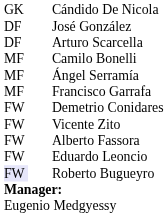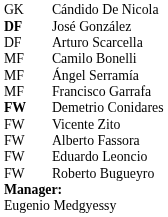 <table style="font-size:90%; margin:0.2em auto;" cellspacing="0" cellpadding="0">
 <tr>
 <th width="25"></th>
 <th width="25"></th>
 </tr>
 <tr>
 <td>GK</td>
 <td></td>
 <td> Cándido De Nicola</td>
 </tr>
 <tr>
-<td>DF</td>
+<td><strong>DF</strong></td>
 <td></td>
 <td> José González</td>
 </tr>
 <tr>
 <td>DF</td>
 <td></td>
 <td> Arturo Scarcella</td>
 </tr>
 <tr>
 <td>MF</td>
 <td></td>
 <td> Camilo Bonelli</td>
 </tr>
 <tr>
 <td>MF</td>
 <td></td>
 <td> Ángel Serramía</td>
 </tr>
 <tr>
 <td>MF</td>
 <td></td>
 <td> Francisco Garrafa</td>
 </tr>
 <tr>
-<td>FW</td>
+<td><strong>FW</strong></td>
 <td></td>
 <td> Demetrio Conidares</td>
 </tr>
 <tr>
 <td>FW</td>
 <td></td>
 <td> Vicente Zito</td>
 </tr>
 <tr>
 <td>FW</td>
 <td></td>
 <td> Alberto Fassora</td>
 </tr>
 <tr>
 <td>FW</td>
 <td></td>
 <td> Eduardo Leoncio</td>
 </tr>
 <tr>
-<td style="background: lavender;">FW</td>
+<td>FW</td>
 <td></td>
 <td> Roberto Bugueyro</td>
 </tr>
 <tr>
 <td colspan=4><strong>Manager:</strong></td>
 </tr>
 <tr>
 <td colspan="4"> Eugenio Medgyessy</td>
 </tr>
 </table>
